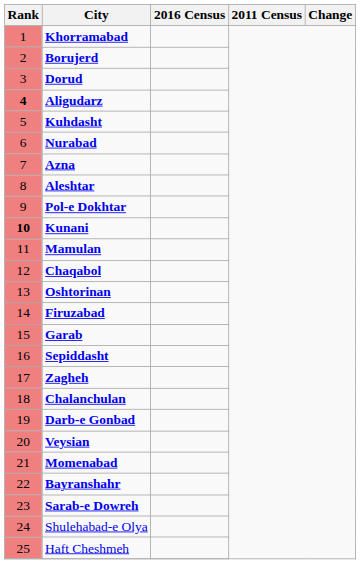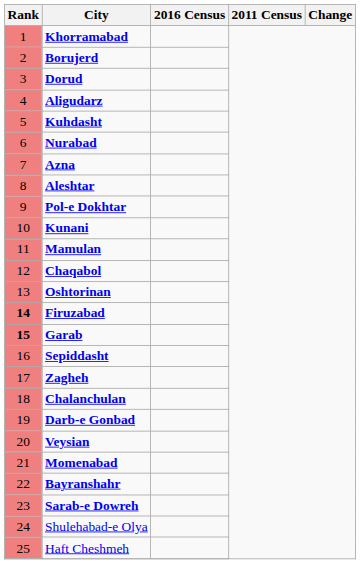 <table class="wikitable sortable">
 <tr>
 <th>Rank</th>
 <th>City</th>
 <th>2016 Census</th>
 <th>2011 Census</th>
 <th>Change</th>
 </tr>
 <tr>
 <td align=center bgcolor="F08080">1</td>
 <td><strong><a href='#'>Khorramabad</a></strong></td>
 <td></td>
 </tr>
 <tr>
 <td align=center bgcolor="F08080">2</td>
 <td><strong><a href='#'>Borujerd</a></strong></td>
 <td></td>
 </tr>
 <tr>
 <td align=center bgcolor="F08080">3</td>
 <td><strong><a href='#'>Dorud</a></strong></td>
 <td></td>
 </tr>
 <tr>
-<td align="center" bgcolor="F08080"><strong>4</strong></td>
+<td align="center" bgcolor="F08080">4</td>
 <td><strong><a href='#'>Aligudarz</a></strong></td>
 <td></td>
 </tr>
 <tr>
 <td align=center bgcolor="F08080">5</td>
 <td><strong><a href='#'>Kuhdasht</a></strong></td>
 <td></td>
 </tr>
 <tr>
 <td align=center bgcolor="F08080">6</td>
 <td><strong><a href='#'>Nurabad</a></strong></td>
 <td></td>
 </tr>
 <tr>
 <td align=center bgcolor="F08080">7</td>
 <td><strong><a href='#'>Azna</a></strong></td>
 <td></td>
 </tr>
 <tr>
 <td align=center bgcolor="F08080">8</td>
 <td><strong><a href='#'>Aleshtar</a></strong></td>
 <td></td>
 </tr>
 <tr>
 <td align=center bgcolor="F08080">9</td>
 <td><strong><a href='#'>Pol-e Dokhtar</a></strong></td>
 <td></td>
 </tr>
 <tr>
-<td align=center bgcolor="F08080"><strong>10</strong></td>
+<td align=center bgcolor="F08080">10</td>
 <td><strong><a href='#'>Kunani</a></strong></td>
 <td></td>
 </tr>
 <tr>
 <td align=center bgcolor="F08080">11</td>
 <td><strong><a href='#'>Mamulan</a></strong></td>
 <td></td>
 </tr>
 <tr>
 <td align=center bgcolor="F08080">12</td>
 <td><strong><a href='#'>Chaqabol</a></strong></td>
 <td></td>
 </tr>
 <tr>
 <td align=center bgcolor="F08080">13</td>
 <td><strong><a href='#'>Oshtorinan</a></strong></td>
 <td></td>
 </tr>
 <tr>
-<td align="center" bgcolor="F08080">14</td>
+<td align="center" bgcolor="F08080"><strong>14</strong></td>
 <td><strong><a href='#'>Firuzabad</a></strong></td>
 <td></td>
 </tr>
 <tr>
-<td align=center bgcolor="F08080">15</td>
+<td align=center bgcolor="F08080"><strong>15</strong></td>
 <td><strong><a href='#'>Garab</a></strong></td>
 <td></td>
 </tr>
 <tr>
 <td align=center bgcolor="F08080">16</td>
 <td><strong><a href='#'>Sepiddasht</a></strong></td>
 <td></td>
 </tr>
 <tr>
 <td align=center bgcolor="F08080">17</td>
 <td><strong><a href='#'>Zagheh</a></strong></td>
 <td></td>
 </tr>
 <tr>
 <td align="center" bgcolor="F08080">18</td>
 <td><strong><a href='#'>Chalanchulan</a></strong></td>
 <td></td>
 </tr>
 <tr>
 <td align=center bgcolor="F08080">19</td>
 <td><strong><a href='#'>Darb-e Gonbad</a></strong></td>
 <td></td>
 </tr>
 <tr>
 <td align=center bgcolor="F08080">20</td>
 <td><strong><a href='#'>Veysian</a></strong></td>
 <td></td>
 </tr>
 <tr>
 <td align="center" bgcolor="F08080">21</td>
 <td><strong><a href='#'>Momenabad</a></strong></td>
 <td></td>
 </tr>
 <tr>
 <td align=center bgcolor="F08080">22</td>
 <td><strong><a href='#'>Bayranshahr</a></strong></td>
 <td></td>
 </tr>
 <tr>
 <td align=center bgcolor="F08080">23</td>
 <td><strong><a href='#'>Sarab-e Dowreh</a></strong></td>
 <td></td>
 </tr>
 <tr>
 <td align=center bgcolor="F08080">24</td>
 <td><a href='#'>Shulehabad-e Olya</a></td>
 <td></td>
 </tr>
 <tr>
 <td align=center bgcolor="F08080">25</td>
 <td><a href='#'>Haft Cheshmeh</a></td>
 <td></td>
 </tr>
 <tr>
 </tr>
 </table>
